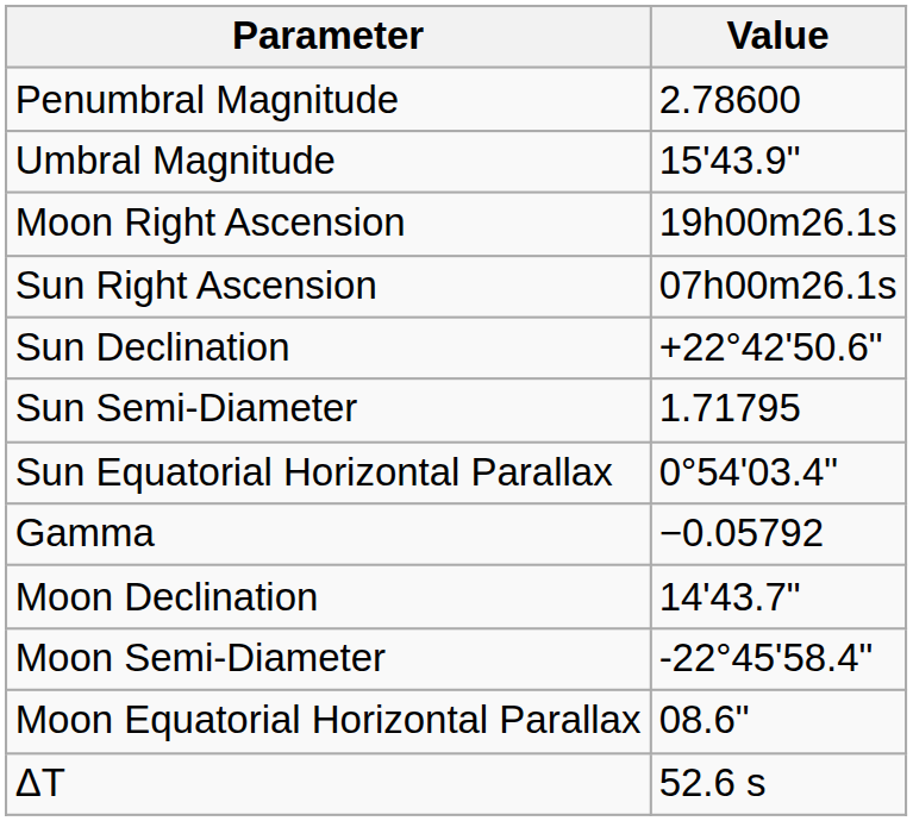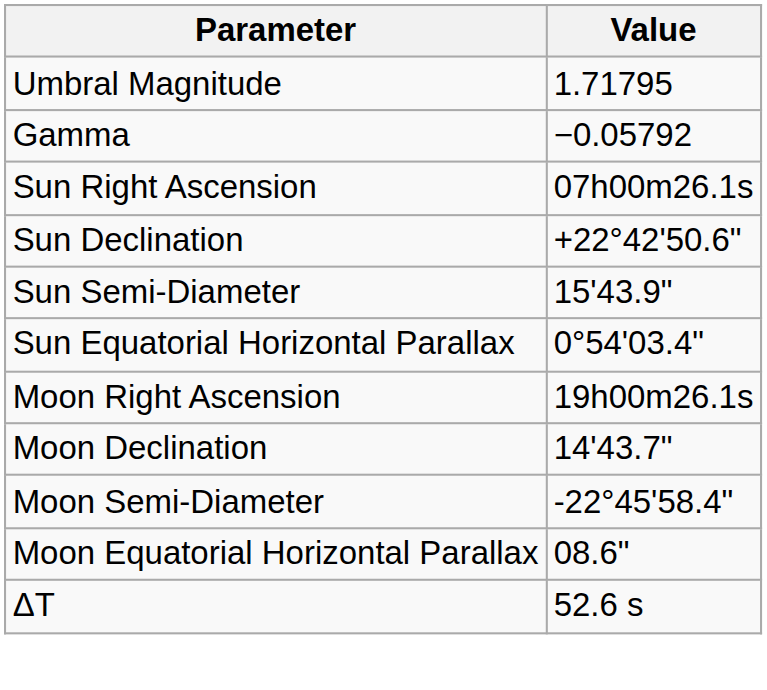 <table class="wikitable">
 <tr>
 <th>Parameter</th>
 <th>Value</th>
 </tr>
 <tr>
-<td>Penumbral Magnitude</td>
-<td>2.78600</td>
+<td>Umbral Magnitude</td>
+<td>1.71795</td>
 </tr>
 <tr>
-<td>Umbral Magnitude</td>
-<td>15'43.9"</td>
-</tr>
-<tr>
-<td>Moon Right Ascension</td>
-<td>19h00m26.1s</td>
+<td>Gamma</td>
+<td>−0.05792</td>
 </tr>
 <tr>
 <td>Sun Right Ascension</td>
 <td>07h00m26.1s</td>
 </tr>
 <tr>
 <td>Sun Declination</td>
 <td>+22°42'50.6"</td>
 </tr>
 <tr>
 <td>Sun Semi-Diameter</td>
-<td>1.71795</td>
+<td>15'43.9"</td>
 </tr>
 <tr>
 <td>Sun Equatorial Horizontal Parallax</td>
 <td>0°54'03.4"</td>
 </tr>
 <tr>
-<td>Gamma</td>
-<td>−0.05792</td>
+<td>Moon Right Ascension</td>
+<td>19h00m26.1s</td>
 </tr>
 <tr>
 <td>Moon Declination</td>
 <td>14'43.7"</td>
 </tr>
 <tr>
 <td>Moon Semi-Diameter</td>
 <td>-22°45'58.4"</td>
 </tr>
 <tr>
 <td>Moon Equatorial Horizontal Parallax</td>
 <td>08.6"</td>
 </tr>
 <tr>
 <td>ΔT</td>
 <td>52.6 s</td>
 </tr>
 </table>
